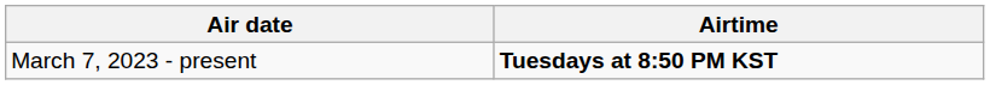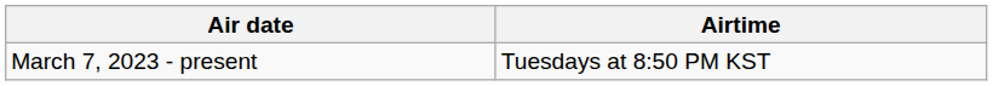 <table class="wikitable" style = "font-size: 90%;">
 <tr>
 <th width=300>Air date</th>
 <th width=300>Airtime</th>
 </tr>
 <tr>
 <td>March 7, 2023 - present</td>
-<td><strong>Tuesdays at 8:50 PM KST</strong></td>
+<td>Tuesdays at 8:50 PM KST</td>
 </tr>
 </table>
